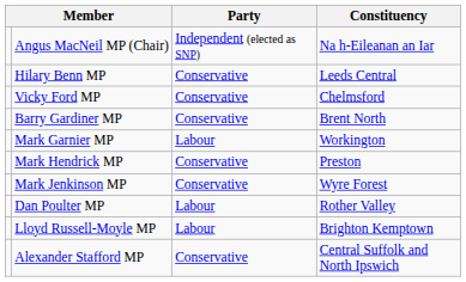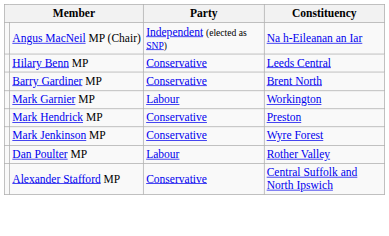 <table class="wikitable">
 <tr>
 <th colspan="2" width="160px" valign="top">Member</th>
 <th width="160px" valign="top">Party</th>
 <th width="160px" valign="top">Constituency</th>
 </tr>
 <tr>
 <td style="color:inherit;background:"></td>
 <td><a href='#'>Angus MacNeil</a> MP (Chair)</td>
 <td><a href='#'>Independent</a> <small>(elected as <a href='#'>SNP</a>)</small></td>
 <td><a href='#'>Na h-Eileanan an Iar</a></td>
 </tr>
 <tr>
 <td style="color:inherit;background:"></td>
 <td><a href='#'>Hilary Benn</a> MP</td>
 <td><a href='#'>Conservative</a></td>
 <td><a href='#'>Leeds Central</a></td>
-</tr>
-<tr>
-<td style="color:inherit;background:"></td>
-<td><a href='#'>Vicky Ford</a> MP</td>
-<td><a href='#'>Conservative</a></td>
-<td><a href='#'>Chelmsford</a></td>
 </tr>
 <tr>
 <td style="color:inherit;background:"></td>
 <td><a href='#'>Barry Gardiner</a> MP</td>
 <td><a href='#'>Conservative</a></td>
 <td><a href='#'>Brent North</a></td>
 </tr>
 <tr>
 <td style="color:inherit;background:"></td>
 <td><a href='#'>Mark Garnier</a> MP</td>
 <td><a href='#'>Labour</a></td>
 <td><a href='#'>Workington</a></td>
 </tr>
 <tr>
 <td style="color:inherit;background:"></td>
 <td><a href='#'>Mark Hendrick</a> MP</td>
 <td><a href='#'>Conservative</a></td>
 <td><a href='#'>Preston</a></td>
 </tr>
 <tr>
 <td style="color:inherit;background:"></td>
 <td><a href='#'>Mark Jenkinson</a> MP</td>
 <td><a href='#'>Conservative</a></td>
 <td><a href='#'>Wyre Forest</a></td>
 </tr>
 <tr>
 <td style="color:inherit;background:"></td>
 <td><a href='#'>Dan Poulter</a> MP</td>
 <td><a href='#'>Labour</a></td>
 <td><a href='#'>Rother Valley</a></td>
 </tr>
 <tr>
 <td style="color:inherit;background:"></td>
-<td><a href='#'>Lloyd Russell-Moyle</a> MP</td>
-<td><a href='#'>Labour</a></td>
-<td><a href='#'>Brighton Kemptown</a></td>
-</tr>
-<tr>
-<td style="color:inherit;background:"></td>
 <td><a href='#'>Alexander Stafford</a> MP</td>
 <td><a href='#'>Conservative</a></td>
 <td><a href='#'>Central Suffolk and North Ipswich</a></td>
 </tr>
 </table>
